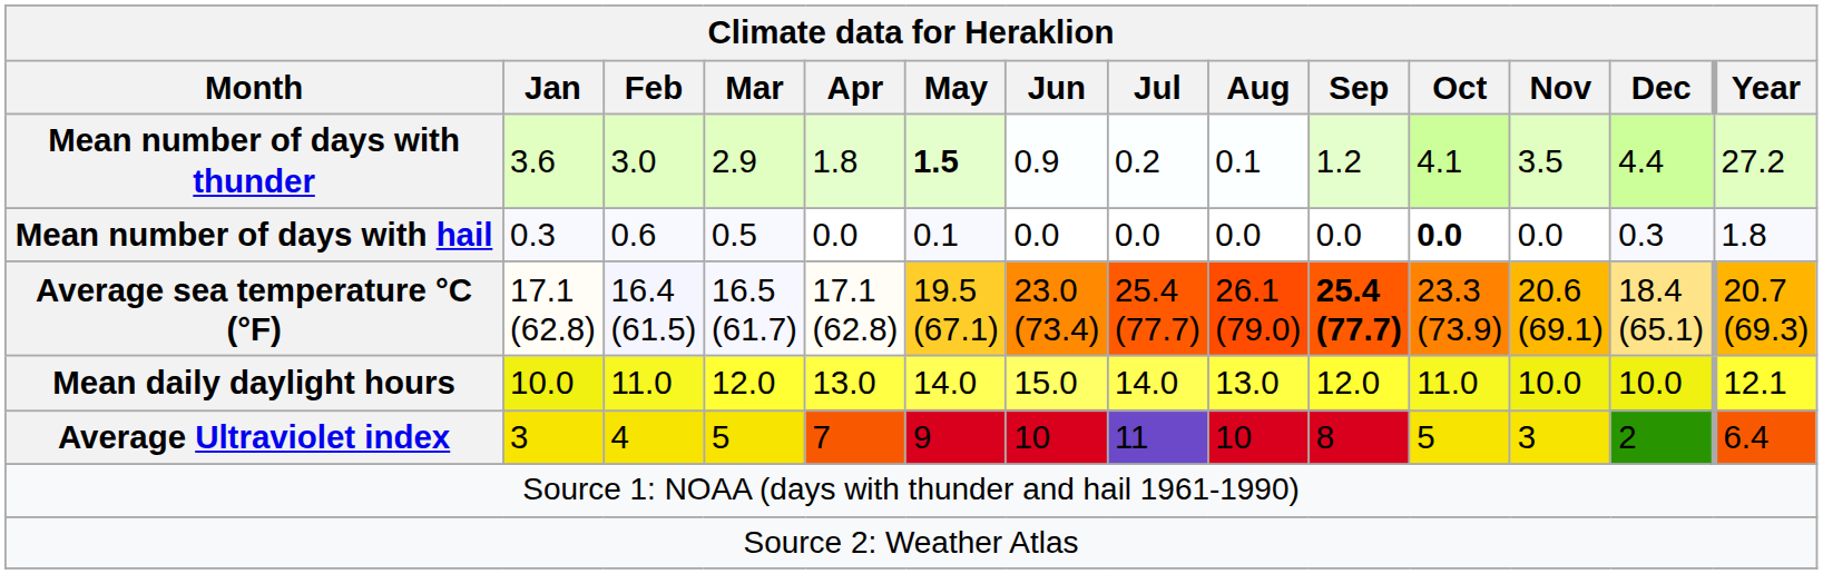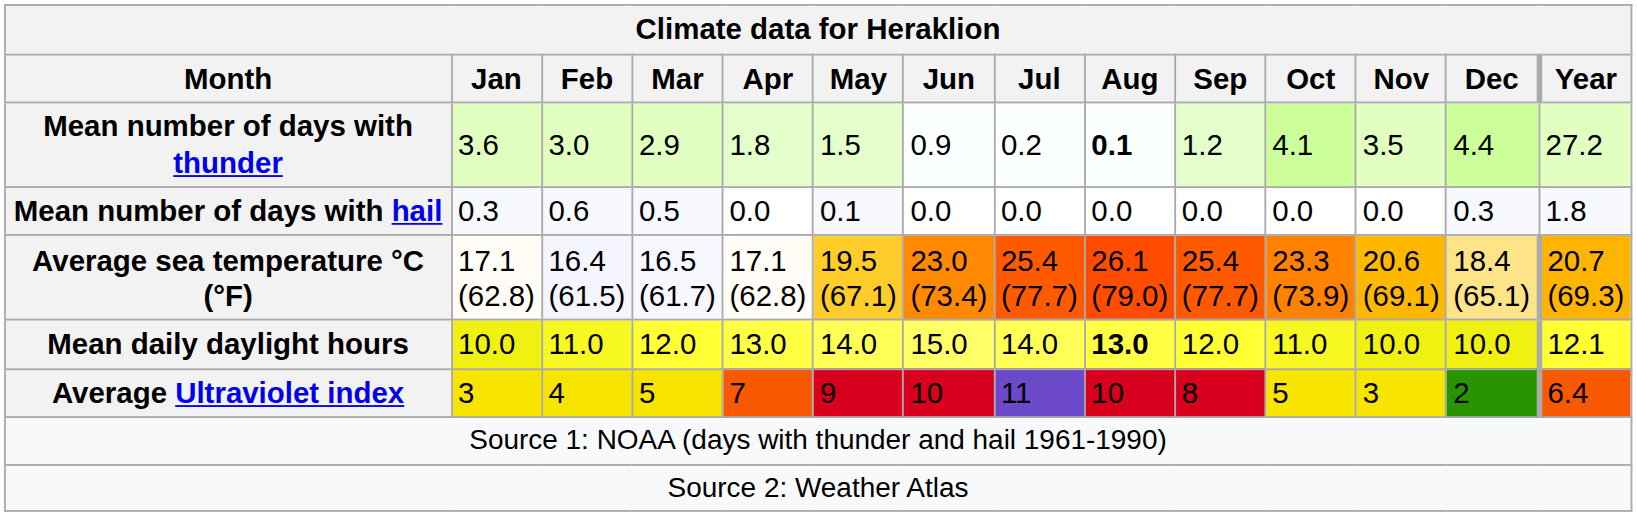 <table style="width:70%;text-align:left;line-height:1.2" class="wikitable mw-collapsible">
 <tr>
 <th Colspan=14>Climate data for Heraklion</th>
 </tr>
 <tr>
 <th>Month</th>
 <th>Jan</th>
 <th>Feb</th>
 <th>Mar</th>
 <th>Apr</th>
 <th>May</th>
 <th>Jun</th>
 <th>Jul</th>
 <th>Aug</th>
 <th>Sep</th>
 <th>Oct</th>
 <th>Nov</th>
 <th>Dec</th>
 <th style="border-left-width:medium">Year</th>
 </tr>
 <tr>
 <th>Mean number of days with <a href='#'>thunder</a></th>
 <td style="background-color: #E0FFC0; color: black;">3.6</td>
 <td style="background-color: #E0FFC0; color: black;">3.0</td>
 <td style="background-color: #E0FFC0; color: black;">2.9</td>
 <td style="background-color: #E5FFCC; color: black;">1.8</td>
-<td style="background-color: #E5FFCC; color: black;"><strong>1.5</strong></td>
+<td style="background-color: #E5FFCC; color: black;">1.5</td>
 <td style="background-color: #FBFFFF; color: black;">0.9</td>
 <td style="background-color: #FBFFFF; color: black;">0.2</td>
-<td style="background-color: #FBFFFF; color: black;">0.1</td>
+<td style="background-color: #FBFFFF; color: black;"><strong>0.1</strong></td>
 <td style="background-color: #E5FFCC; color: black;">1.2</td>
 <td style="background-color: #CCFF99; color: black;">4.1</td>
 <td style="background-color: #E0FFC0; color: black;">3.5</td>
 <td style="background-color: #CCFF99; color: black;">4.4</td>
 <td style="background-color: #E0FFC0; color: black;">27.2</td>
 </tr>
 <tr>
 <th>Mean number of days with <a href='#'>hail</a></th>
 <td style="background-color: #F8F8FF; color: black;">0.3</td>
 <td style="background-color: #F8F8FF; color: black;">0.6</td>
 <td style="background-color: #F8F8FF; color: black;">0.5</td>
 <td style="background-color: #FFFFFF; color: black;">0.0</td>
 <td style="background-color: #F8F8FF; color: black;">0.1</td>
 <td style="background-color: #FFFFFF; color: black;">0.0</td>
 <td style="background-color: #FFFFFF; color: black;">0.0</td>
 <td style="background-color: #FFFFFF; color: black;">0.0</td>
 <td style="background-color: #FFFFFF; color: black;">0.0</td>
-<td style="background-color: #FFFFFF; color: black;"><strong>0.0</strong></td>
+<td style="background-color: #FFFFFF; color: black;">0.0</td>
 <td style="background-color: #FFFFFF; color: black;">0.0</td>
 <td style="background-color: #F8F8FF; color: black;">0.3</td>
 <td style="background-color: #F8F8FF; color: black;">1.8</td>
 </tr>
 <tr>
 <th>Average sea temperature °C (°F)</th>
 <td style="background:#FFFDF6;color:#000000;">17.1<br>(62.8)</td>
 <td style="background:#F5F5FF;color:#000000;">16.4<br>(61.5)</td>
 <td style="background:#F7F7FF;color:#000000;">16.5<br>(61.7)</td>
 <td style="background:#FFFDF6;color:#000000;">17.1<br>(62.8)</td>
 <td style="background:#FFCD2A;color:#000000;">19.5<br>(67.1)</td>
 <td style="background:#FF8900;color:#000000;">23.0<br>(73.4)</td>
 <td style="background:#FF5A00;color:#000000;">25.4<br>(77.7)</td>
 <td style="background:#FF4C00;color:#000000;">26.1<br>(79.0)</td>
-<td style="background:#FF5A00;color:#000000;"><strong>25.4<br>(77.7)</strong></td>
+<td style="background:#FF5A00;color:#000000;">25.4<br>(77.7)</td>
 <td style="background:#FF8300;color:#000000;">23.3<br>(73.9)</td>
 <td style="background:#FFB800;color:#000000;">20.6<br>(69.1)</td>
 <td style="background:#FFE388;color:#000000;">18.4<br>(65.1)</td>
 <td style="background:#FFB500;color:#000000;border-left-width:medium">20.7<br>(69.3)</td>
 </tr>
 <tr>
 <th>Mean daily daylight hours</th>
 <td style="background:#F0F011;color:#000000;">10.0</td>
 <td style="background:#F7F722;color:#000000;">11.0</td>
 <td style="background:#FFFF33;color:#000000;">12.0</td>
 <td style="background:#FFFF44;color:#000000;">13.0</td>
 <td style="background:#FFFF55;color:#000000;">14.0</td>
 <td style="background:#FFFF66;color:#000000;">15.0</td>
 <td style="background:#FFFF55;color:#000000;">14.0</td>
-<td style="background:#FFFF44;color:#000000;">13.0</td>
+<td style="background:#FFFF44;color:#000000;"><strong>13.0</strong></td>
 <td style="background:#FFFF33;color:#000000;">12.0</td>
 <td style="background:#F7F722;color:#000000;">11.0</td>
 <td style="background:#F0F011;color:#000000;">10.0</td>
 <td style="background:#F0F011;color:#000000;">10.0</td>
 <td style="background:#FFFF34;color:#000000;border-left-width:medium">12.1</td>
 </tr>
 <tr>
 <th>Average <a href='#'>Ultraviolet index</a></th>
 <td style="background:#f7e400;color:#000000;">3</td>
 <td style="background:#f7e400;color:#000000;">4</td>
 <td style="background:#f7e400;color:#000000;">5</td>
 <td style="background:#f85900;color:#000000;">7</td>
 <td style="background:#d8001d;color:#000000;">9</td>
 <td style="background:#d8001d;color:#000000;">10</td>
 <td style="background:#6b49c8;color:#000000;">11</td>
 <td style="background:#d8001d;color:#000000;">10</td>
 <td style="background:#d8001d;color:#000000;">8</td>
 <td style="background:#f7e400;color:#000000;">5</td>
 <td style="background:#f7e400;color:#000000;">3</td>
 <td style="background:#289500;color:#000000;">2</td>
 <td style="background:#f85900;color:#000000;border-left-width:medium">6.4</td>
 </tr>
 <tr>
 <th Colspan=14 style="background:#f8f9fa;font-weight:normal;font-size:95%;">Source 1: NOAA (days with thunder and hail 1961-1990)</th>
 </tr>
 <tr>
 <th Colspan=14 style="background:#f8f9fa;font-weight:normal;font-size:95%;">Source 2: Weather Atlas </th>
 </tr>
 </table>
